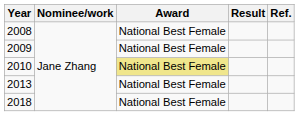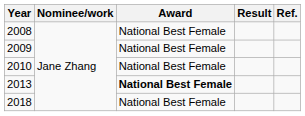 <table class="wikitable">
 <tr>
 <th>Year</th>
 <th>Nominee/work</th>
 <th>Award</th>
 <th><strong>Result</strong></th>
 <th>Ref.</th>
 </tr>
 <tr>
 <td>2008</td>
 <td rowspan="5">Jane Zhang</td>
 <td>National Best Female</td>
 <td></td>
 <td></td>
 </tr>
 <tr>
 <td>2009</td>
 <td>National Best Female</td>
 <td></td>
 <td></td>
 </tr>
 <tr>
 <td>2010</td>
-<td style="background: khaki;">National Best Female</td>
+<td>National Best Female</td>
 <td></td>
 <td></td>
 </tr>
 <tr>
 <td>2013</td>
-<td>National Best Female</td>
+<td><strong>National Best Female</strong></td>
 <td></td>
 <td></td>
 </tr>
 <tr>
 <td>2018</td>
 <td>National Best Female</td>
 <td></td>
 <td></td>
 </tr>
 </table>
